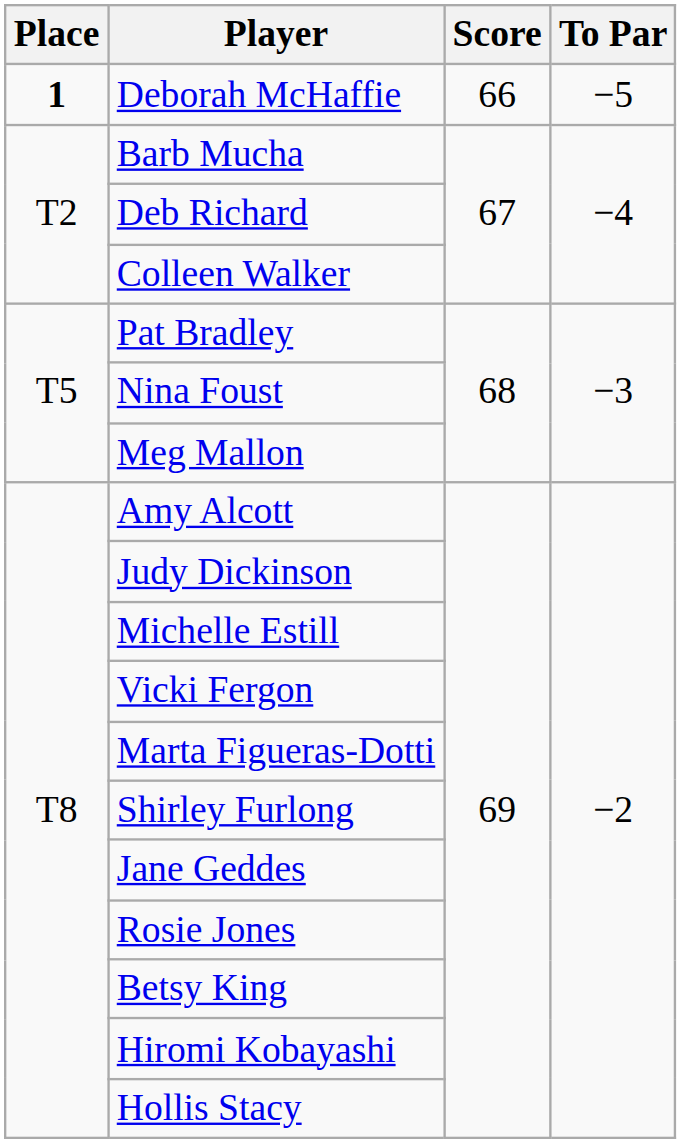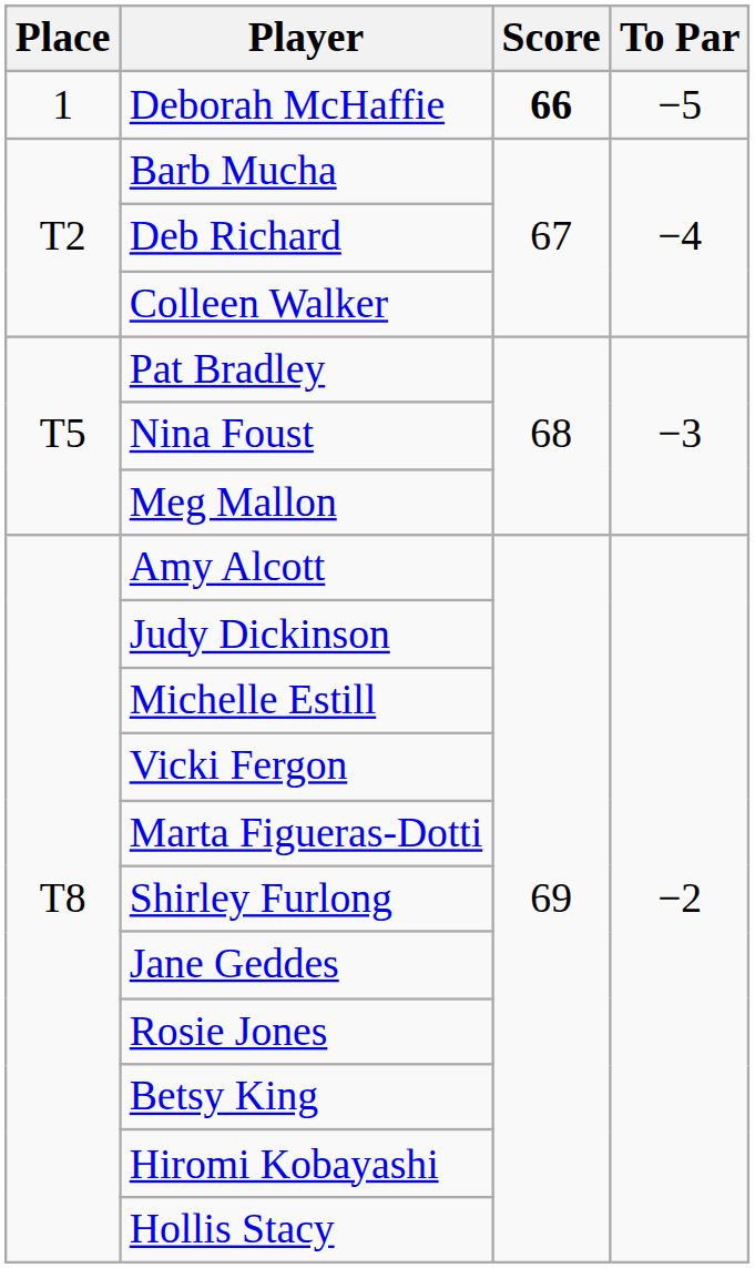 <table class="wikitable">
 <tr>
 <th>Place</th>
 <th>Player</th>
 <th>Score</th>
 <th>To Par</th>
 </tr>
 <tr>
-<td align=center><strong>1</strong></td>
+<td align=center>1</td>
 <td> <a href='#'>Deborah McHaffie</a></td>
-<td align=center>66</td>
+<td align=center><strong>66</strong></td>
 <td align=center>−5</td>
 </tr>
 <tr>
 <td align=center rowspan=3>T2</td>
 <td> <a href='#'>Barb Mucha</a></td>
 <td align=center rowspan=3>67</td>
 <td align=center rowspan=3>−4</td>
 </tr>
 <tr>
 <td> <a href='#'>Deb Richard</a></td>
 </tr>
 <tr>
 <td> <a href='#'>Colleen Walker</a></td>
 </tr>
 <tr>
 <td align=center rowspan=3>T5</td>
 <td> <a href='#'>Pat Bradley</a></td>
 <td align=center rowspan=3>68</td>
 <td align=center rowspan=3>−3</td>
 </tr>
 <tr>
 <td> <a href='#'>Nina Foust</a></td>
 </tr>
 <tr>
 <td> <a href='#'>Meg Mallon</a></td>
 </tr>
 <tr>
 <td align=center rowspan=11>T8</td>
 <td> <a href='#'>Amy Alcott</a></td>
 <td align=center rowspan=11>69</td>
 <td align=center rowspan=11>−2</td>
 </tr>
 <tr>
 <td> <a href='#'>Judy Dickinson</a></td>
 </tr>
 <tr>
 <td> <a href='#'>Michelle Estill</a></td>
 </tr>
 <tr>
 <td> <a href='#'>Vicki Fergon</a></td>
 </tr>
 <tr>
 <td> <a href='#'>Marta Figueras-Dotti</a></td>
 </tr>
 <tr>
 <td> <a href='#'>Shirley Furlong</a></td>
 </tr>
 <tr>
 <td> <a href='#'>Jane Geddes</a></td>
 </tr>
 <tr>
 <td> <a href='#'>Rosie Jones</a></td>
 </tr>
 <tr>
 <td> <a href='#'>Betsy King</a></td>
 </tr>
 <tr>
 <td> <a href='#'>Hiromi Kobayashi</a></td>
 </tr>
 <tr>
 <td> <a href='#'>Hollis Stacy</a></td>
 </tr>
 </table>
